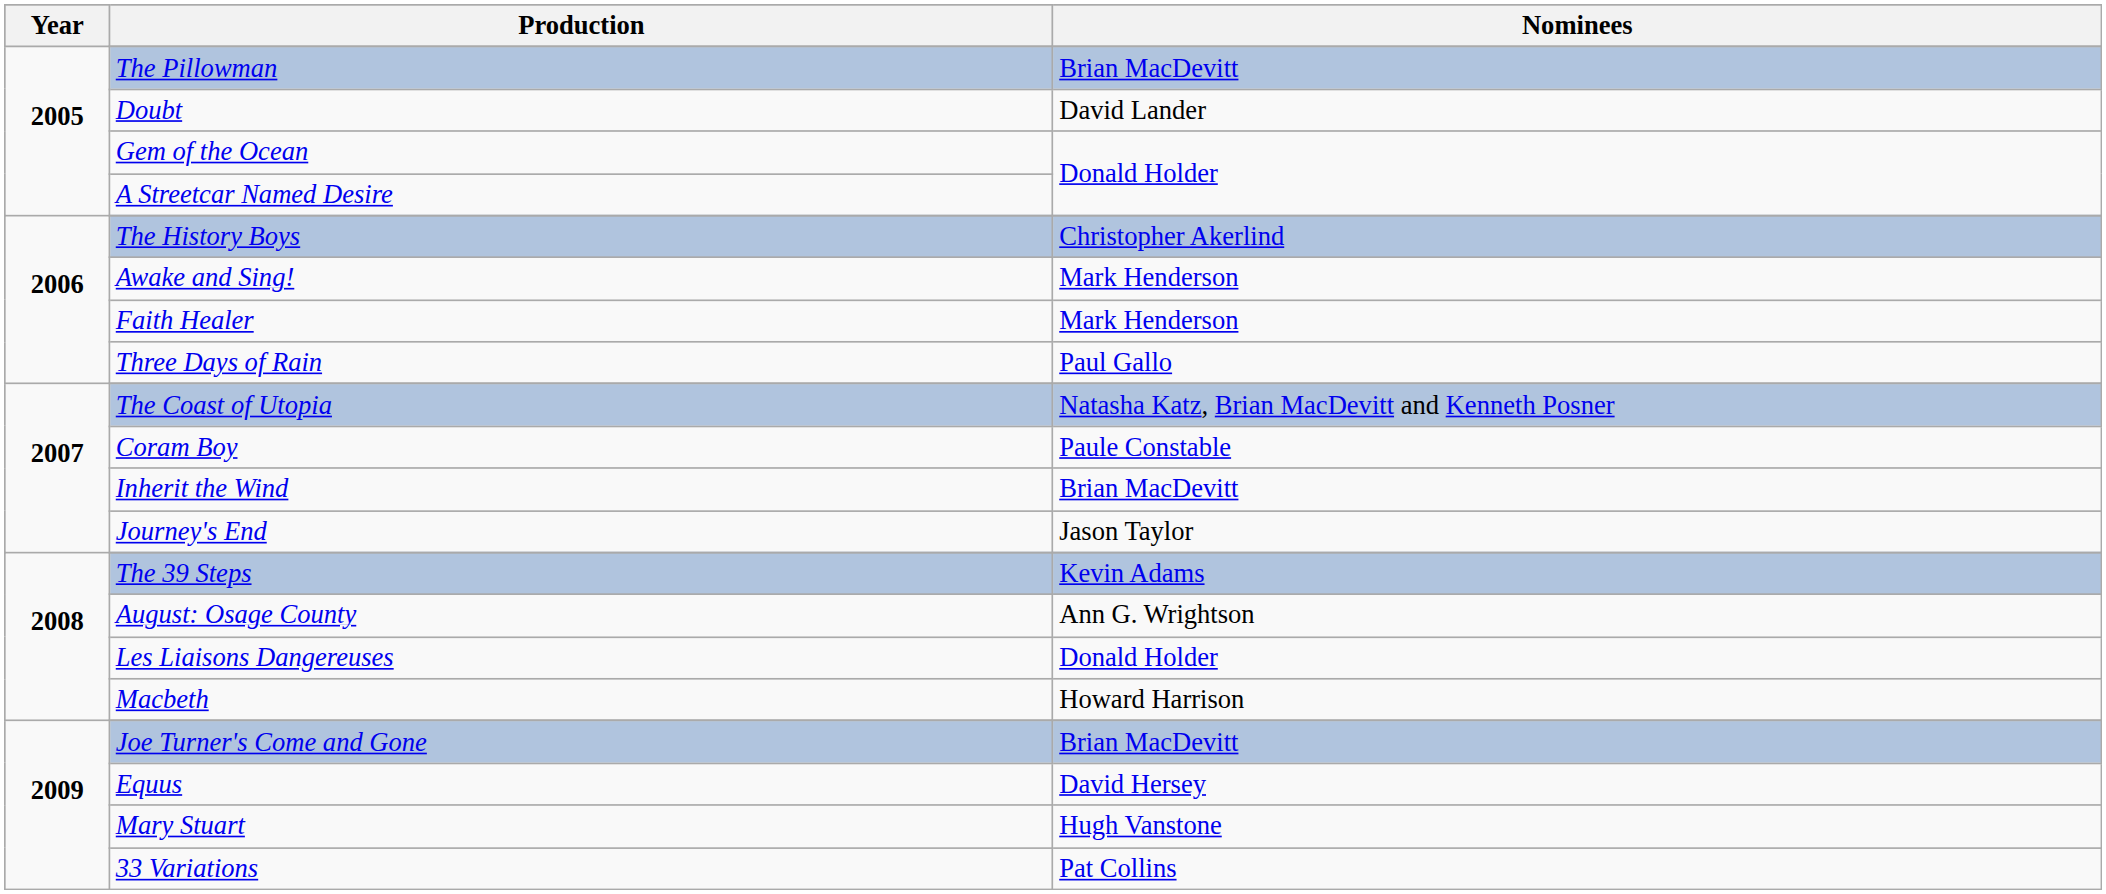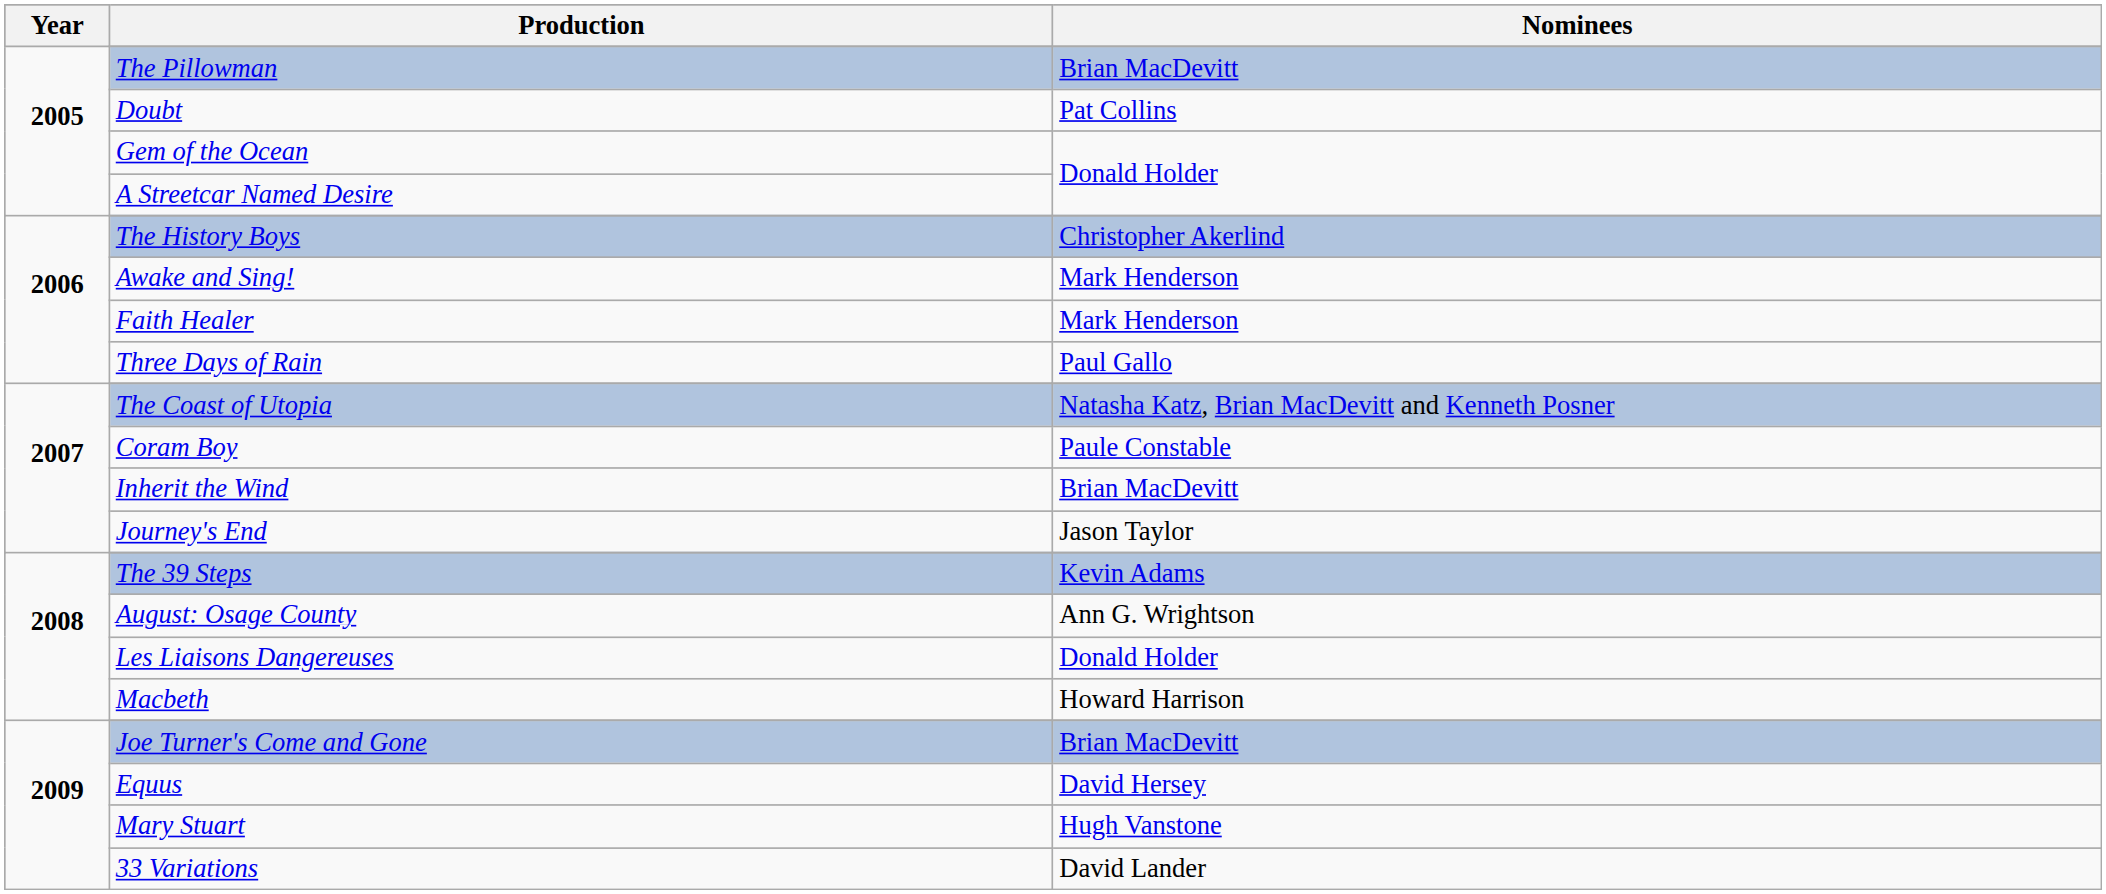 <table class="wikitable" style="width:100%;">
 <tr style="background:#bebebe;">
 <th style="width:5%;">Year</th>
 <th style="width:45%;”">Production</th>
 <th style="width:50%;”">Nominees</th>
 </tr>
 <tr>
 <td rowspan="5" align="center"><strong>2005</strong><br><br></td>
 </tr>
 <tr style="background:#B0C4DE">
 <td><em><a href='#'>The Pillowman</a></em></td>
 <td><a href='#'>Brian MacDevitt</a></td>
 </tr>
 <tr>
 <td><em><a href='#'>Doubt</a></em></td>
-<td>David Lander</td>
+<td><a href='#'>Pat Collins</a></td>
 </tr>
 <tr>
 <td><em><a href='#'>Gem of the Ocean</a></em></td>
 <td rowspan="2"><a href='#'>Donald Holder</a></td>
 </tr>
 <tr>
 <td><em><a href='#'>A Streetcar Named Desire</a></em></td>
 </tr>
 <tr>
 <td rowspan="5" align="center"><strong>2006</strong><br><br></td>
 </tr>
 <tr style="background:#B0C4DE">
 <td><em><a href='#'>The History Boys</a></em></td>
 <td><a href='#'>Christopher Akerlind</a></td>
 </tr>
 <tr>
 <td><em><a href='#'>Awake and Sing!</a></em></td>
 <td><a href='#'>Mark Henderson</a></td>
 </tr>
 <tr>
 <td><em><a href='#'>Faith Healer</a></em></td>
 <td><a href='#'>Mark Henderson</a></td>
 </tr>
 <tr>
 <td><em><a href='#'>Three Days of Rain</a></em></td>
 <td><a href='#'>Paul Gallo</a></td>
 </tr>
 <tr>
 <td rowspan="5" align="center"><strong>2007</strong><br><br></td>
 </tr>
 <tr style="background:#B0C4DE">
 <td><em><a href='#'>The Coast of Utopia</a></em></td>
 <td><a href='#'>Natasha Katz</a>, <a href='#'>Brian MacDevitt</a> and <a href='#'>Kenneth Posner</a></td>
 </tr>
 <tr>
 <td><em><a href='#'>Coram Boy</a></em></td>
 <td><a href='#'>Paule Constable</a></td>
 </tr>
 <tr>
 <td><em><a href='#'>Inherit the Wind</a></em></td>
 <td><a href='#'>Brian MacDevitt</a></td>
 </tr>
 <tr>
 <td><em><a href='#'>Journey's End</a></em></td>
 <td>Jason Taylor</td>
 </tr>
 <tr>
 <td rowspan="5" align="center"><strong>2008</strong><br><br></td>
 </tr>
 <tr style="background:#B0C4DE">
 <td><em><a href='#'>The 39 Steps</a></em></td>
 <td><a href='#'>Kevin Adams</a></td>
 </tr>
 <tr>
 <td><em><a href='#'>August: Osage County</a></em></td>
 <td>Ann G. Wrightson</td>
 </tr>
 <tr>
 <td><em><a href='#'>Les Liaisons Dangereuses</a></em></td>
 <td><a href='#'>Donald Holder</a></td>
 </tr>
 <tr>
 <td><em><a href='#'>Macbeth</a></em></td>
 <td>Howard Harrison</td>
 </tr>
 <tr>
 <td rowspan="5" align="center"><strong>2009</strong><br><br></td>
 </tr>
 <tr style="background:#B0C4DE">
 <td><em><a href='#'>Joe Turner's Come and Gone</a></em></td>
 <td><a href='#'>Brian MacDevitt</a></td>
 </tr>
 <tr>
 <td><em><a href='#'>Equus</a></em></td>
 <td><a href='#'>David Hersey</a></td>
 </tr>
 <tr>
 <td><em><a href='#'>Mary Stuart</a></em></td>
 <td><a href='#'>Hugh Vanstone</a></td>
 </tr>
 <tr>
 <td><em><a href='#'>33 Variations</a></em></td>
-<td><a href='#'>Pat Collins</a></td>
+<td>David Lander</td>
 </tr>
 <tr>
 </tr>
 </table>
